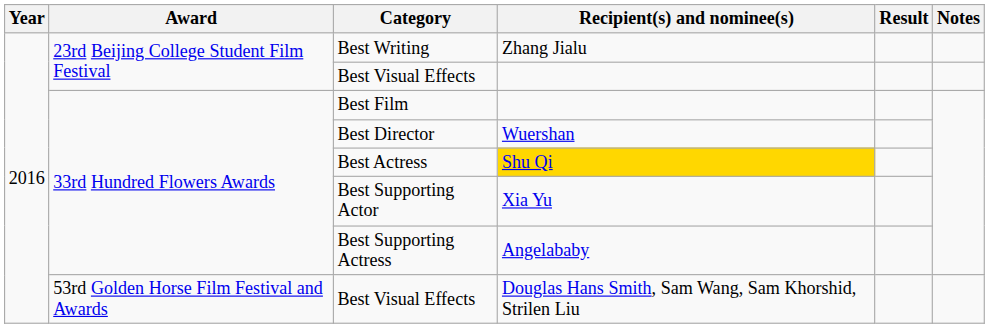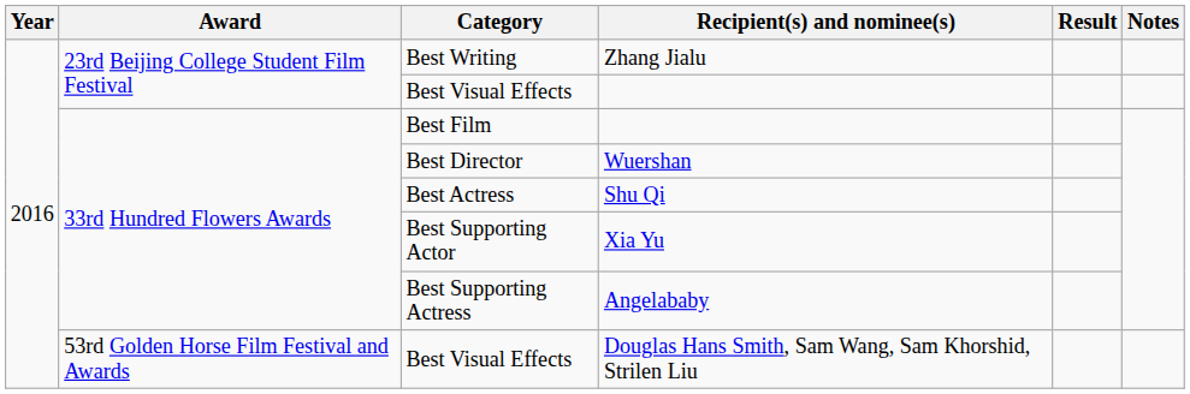 <table class="wikitable">
 <tr>
 <th>Year</th>
 <th>Award</th>
 <th>Category</th>
 <th>Recipient(s) and nominee(s)</th>
 <th>Result</th>
 <th>Notes</th>
 </tr>
 <tr>
 <td rowspan=8>2016</td>
 <td rowspan=2><a href='#'>23rd</a> <a href='#'>Beijing College Student Film Festival</a></td>
 <td>Best Writing</td>
 <td>Zhang Jialu</td>
 <td></td>
 <td></td>
 </tr>
 <tr>
 <td>Best Visual Effects</td>
 <td></td>
 <td></td>
 <td></td>
 </tr>
 <tr>
 <td rowspan="5"><a href='#'>33rd</a> <a href='#'>Hundred Flowers Awards</a></td>
 <td>Best Film</td>
 <td></td>
 <td></td>
 <td rowspan=5></td>
 </tr>
 <tr>
 <td>Best Director</td>
 <td><a href='#'>Wuershan</a></td>
 <td></td>
 </tr>
 <tr>
 <td>Best Actress</td>
-<td style="background: gold;"><a href='#'>Shu Qi</a></td>
+<td><a href='#'>Shu Qi</a></td>
 <td></td>
 </tr>
 <tr>
 <td>Best Supporting Actor</td>
 <td><a href='#'>Xia Yu</a></td>
 <td></td>
 </tr>
 <tr>
 <td>Best Supporting Actress</td>
 <td><a href='#'>Angelababy</a></td>
 <td></td>
 </tr>
 <tr>
 <td>53rd <a href='#'>Golden Horse Film Festival and Awards</a></td>
 <td>Best Visual Effects</td>
 <td><a href='#'>Douglas Hans Smith</a>, Sam Wang, Sam Khorshid, Strilen Liu</td>
 <td></td>
 <td></td>
 </tr>
 </table>
